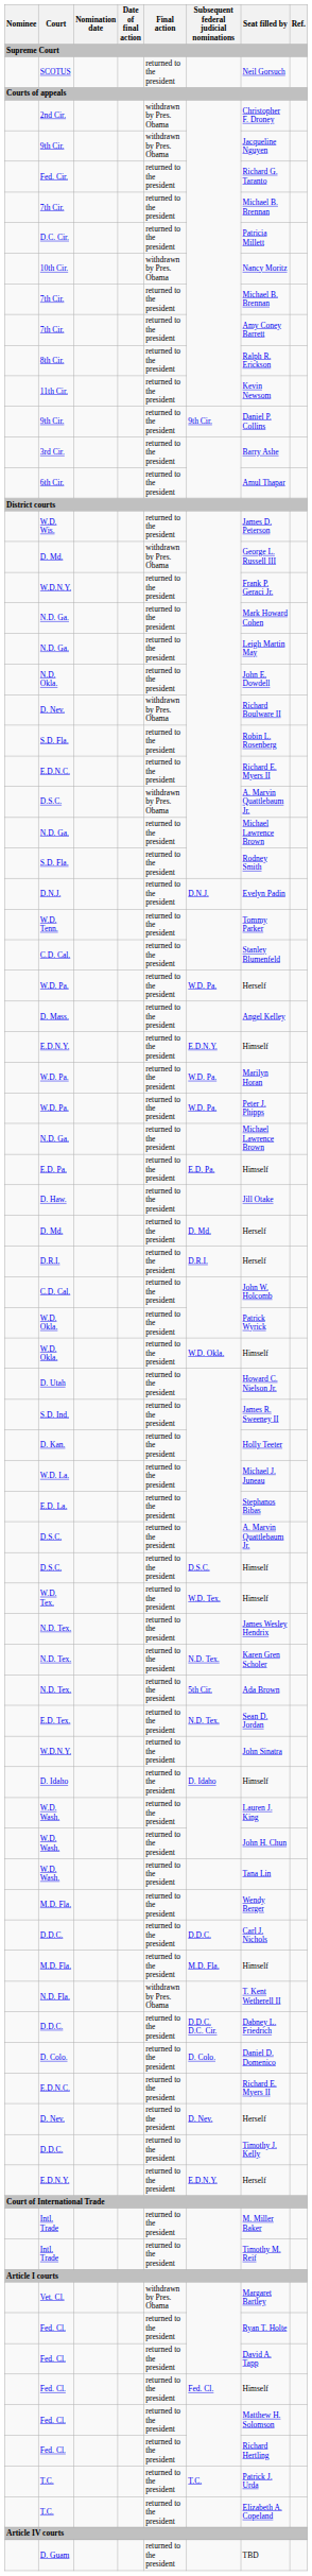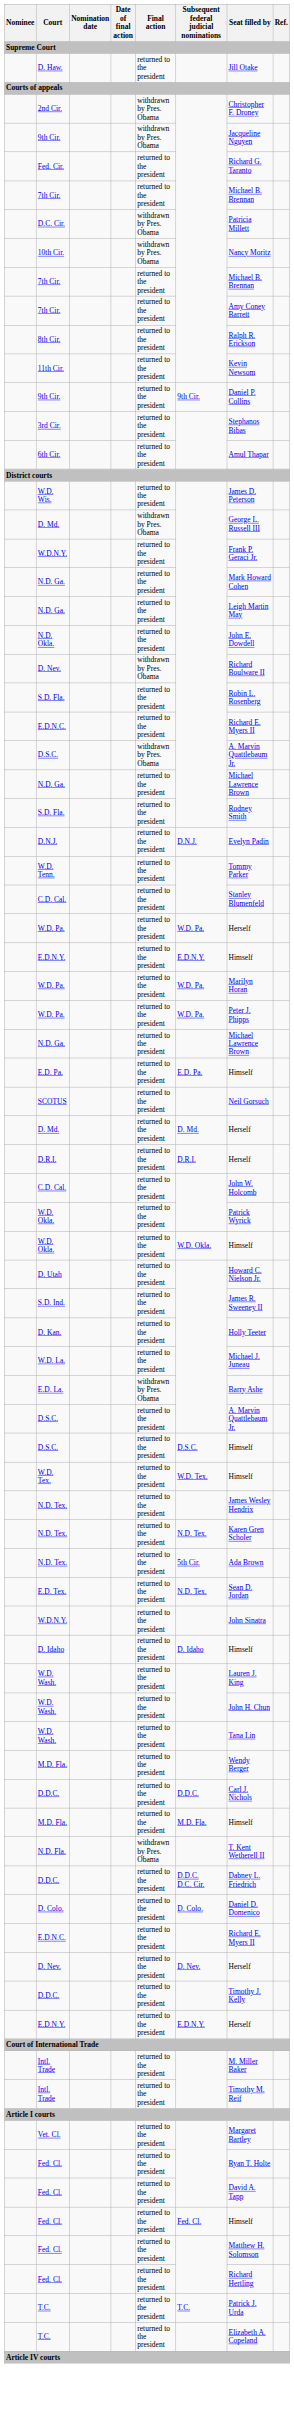 <table class="sortable wikitable">
 <tr>
 <th>Nominee</th>
 <th>Court</th>
 <th>Nomination<br>date</th>
 <th>Date of<br>final action</th>
 <th>Final action</th>
 <th>Subsequent federal judicial nominations</th>
 <th>Seat filled by</th>
 <th>Ref.</th>
 </tr>
 <tr>
 <td colspan=8 bgcolor=#C0C0C0><strong>Supreme Court</strong></td>
 </tr>
 <tr>
 <td></td>
-<td><a href='#'>SCOTUS</a></td>
+<td><a href='#'>D. Haw.</a></td>
 <td></td>
 <td></td>
 <td>returned to the president</td>
 <td></td>
-<td><a href='#'>Neil Gorsuch</a></td>
+<td><a href='#'>Jill Otake</a></td>
 <td></td>
 </tr>
 <tr>
 <td colspan=8 bgcolor=#C0C0C0><strong>Courts of appeals</strong></td>
 </tr>
 <tr>
 <td></td>
 <td><a href='#'>2nd Cir.</a></td>
 <td></td>
 <td></td>
 <td>withdrawn by Pres. Obama</td>
 <td rowspan=10></td>
 <td><a href='#'>Christopher F. Droney</a></td>
 <td></td>
 </tr>
 <tr>
 <td></td>
 <td><a href='#'>9th Cir.</a></td>
 <td></td>
 <td></td>
 <td>withdrawn by Pres. Obama</td>
 <td><a href='#'>Jacqueline Nguyen</a></td>
 <td></td>
 </tr>
 <tr>
 <td></td>
 <td><a href='#'>Fed. Cir.</a></td>
 <td></td>
 <td></td>
 <td>returned to the president</td>
 <td><a href='#'>Richard G. Taranto</a></td>
 <td></td>
 </tr>
 <tr>
 <td></td>
 <td><a href='#'>7th Cir.</a></td>
 <td></td>
 <td></td>
 <td>returned to the president</td>
 <td><a href='#'>Michael B. Brennan</a></td>
 <td></td>
 </tr>
 <tr>
 <td></td>
 <td><a href='#'>D.C. Cir.</a></td>
 <td></td>
 <td></td>
-<td>returned to the president</td>
+<td>withdrawn by Pres. Obama</td>
 <td><a href='#'>Patricia Millett</a></td>
 <td></td>
 </tr>
 <tr>
 <td></td>
 <td><a href='#'>10th Cir.</a></td>
 <td></td>
 <td></td>
 <td>withdrawn by Pres. Obama</td>
 <td><a href='#'>Nancy Moritz</a></td>
 <td></td>
 </tr>
 <tr>
 <td></td>
 <td><a href='#'>7th Cir.</a></td>
 <td></td>
 <td></td>
 <td>returned to the president</td>
 <td><a href='#'>Michael B. Brennan</a></td>
 <td></td>
 </tr>
 <tr>
 <td></td>
 <td><a href='#'>7th Cir.</a></td>
 <td></td>
 <td></td>
 <td>returned to the president</td>
 <td><a href='#'>Amy Coney Barrett</a></td>
 <td></td>
 </tr>
 <tr>
 <td></td>
 <td><a href='#'>8th Cir.</a></td>
 <td></td>
 <td></td>
 <td>returned to the president</td>
 <td><a href='#'>Ralph R. Erickson</a></td>
 <td></td>
 </tr>
 <tr>
 <td></td>
 <td><a href='#'>11th Cir.</a></td>
 <td></td>
 <td></td>
 <td>returned to the president</td>
 <td><a href='#'>Kevin Newsom</a></td>
 <td></td>
 </tr>
 <tr>
 <td></td>
 <td><a href='#'>9th Cir.</a></td>
 <td></td>
 <td></td>
 <td>returned to the president</td>
 <td><a href='#'>9th Cir.</a> </td>
 <td><a href='#'>Daniel P. Collins</a></td>
 <td></td>
 </tr>
 <tr>
 <td></td>
 <td><a href='#'>3rd Cir.</a></td>
 <td></td>
 <td></td>
 <td>returned to the president</td>
 <td rowspan=2></td>
-<td><a href='#'>Barry Ashe</a></td>
+<td><a href='#'>Stephanos Bibas</a></td>
 <td></td>
 </tr>
 <tr>
 <td></td>
 <td><a href='#'>6th Cir.</a></td>
 <td></td>
 <td></td>
 <td>returned to the president</td>
 <td><a href='#'>Amul Thapar</a></td>
 <td></td>
 </tr>
 <tr>
 <td colspan=8 bgcolor=#C0C0C0><strong>District courts</strong></td>
 </tr>
 <tr>
 <td></td>
 <td><a href='#'>W.D. Wis.</a></td>
 <td></td>
 <td></td>
 <td>returned to the president</td>
 <td rowspan=12></td>
 <td><a href='#'>James D. Peterson</a></td>
 <td></td>
 </tr>
 <tr>
 <td></td>
 <td><a href='#'>D. Md.</a></td>
 <td></td>
 <td></td>
 <td>withdrawn by Pres. Obama</td>
 <td><a href='#'>George L. Russell III</a></td>
 <td></td>
 </tr>
 <tr>
 <td></td>
 <td><a href='#'>W.D.N.Y.</a></td>
 <td></td>
 <td></td>
 <td>returned to the president</td>
 <td><a href='#'>Frank P. Geraci Jr.</a></td>
 <td></td>
 </tr>
 <tr>
 <td></td>
 <td><a href='#'>N.D. Ga.</a></td>
 <td></td>
 <td></td>
 <td>returned to the president</td>
 <td><a href='#'>Mark Howard Cohen</a></td>
 <td></td>
 </tr>
 <tr>
 <td></td>
 <td><a href='#'>N.D. Ga.</a></td>
 <td></td>
 <td></td>
 <td>returned to the president</td>
 <td><a href='#'>Leigh Martin May</a></td>
 <td></td>
 </tr>
 <tr>
 <td></td>
 <td><a href='#'>N.D. Okla.</a></td>
 <td></td>
 <td></td>
 <td>returned to the president</td>
 <td><a href='#'>John E. Dowdell</a></td>
 <td></td>
 </tr>
 <tr>
 <td></td>
 <td><a href='#'>D. Nev.</a></td>
 <td></td>
 <td></td>
 <td>withdrawn by Pres. Obama</td>
 <td><a href='#'>Richard Boulware II</a></td>
 <td></td>
 </tr>
 <tr>
 <td></td>
 <td><a href='#'>S.D. Fla.</a></td>
 <td></td>
 <td></td>
 <td>returned to the president</td>
 <td><a href='#'>Robin L. Rosenberg</a></td>
 <td></td>
 </tr>
 <tr>
 <td></td>
 <td><a href='#'>E.D.N.C.</a></td>
 <td></td>
 <td></td>
 <td>returned to the president</td>
 <td><a href='#'>Richard E. Myers II</a></td>
 <td></td>
 </tr>
 <tr>
 <td></td>
 <td><a href='#'>D.S.C.</a></td>
 <td></td>
 <td></td>
 <td>withdrawn by Pres. Obama</td>
 <td><a href='#'>A. Marvin Quattlebaum Jr.</a></td>
 <td></td>
 </tr>
 <tr>
 <td></td>
 <td><a href='#'>N.D. Ga.</a></td>
 <td></td>
 <td></td>
 <td>returned to the president</td>
 <td><a href='#'>Michael Lawrence Brown</a></td>
 <td></td>
 </tr>
 <tr>
 <td></td>
 <td><a href='#'>S.D. Fla.</a></td>
 <td></td>
 <td></td>
 <td>returned to the president</td>
 <td><a href='#'>Rodney Smith</a></td>
 <td></td>
 </tr>
 <tr>
 <td></td>
 <td><a href='#'>D.N.J.</a></td>
 <td></td>
 <td></td>
 <td>returned to the president</td>
 <td><a href='#'>D.N.J.</a> </td>
 <td><a href='#'>Evelyn Padin</a></td>
 <td></td>
 </tr>
 <tr>
 <td></td>
 <td><a href='#'>W.D. Tenn.</a></td>
 <td></td>
 <td></td>
 <td>returned to the president</td>
 <td rowspan=2></td>
 <td><a href='#'>Tommy Parker</a></td>
 <td></td>
 </tr>
 <tr>
 <td></td>
 <td><a href='#'>C.D. Cal.</a></td>
 <td></td>
 <td></td>
 <td>returned to the president</td>
 <td><a href='#'>Stanley Blumenfeld</a></td>
 <td></td>
 </tr>
 <tr>
 <td></td>
 <td><a href='#'>W.D. Pa.</a></td>
 <td></td>
 <td></td>
 <td>returned to the president</td>
 <td><a href='#'>W.D. Pa.</a> </td>
 <td>Herself</td>
 <td></td>
 </tr>
 <tr>
 <td></td>
-<td><a href='#'>D. Mass.</a></td>
-<td></td>
-<td></td>
-<td>returned to the president</td>
-<td></td>
-<td><a href='#'>Angel Kelley</a></td>
-<td></td>
-</tr>
-<tr>
-<td></td>
 <td><a href='#'>E.D.N.Y.</a></td>
 <td></td>
 <td></td>
 <td>returned to the president</td>
 <td><a href='#'>E.D.N.Y.</a> </td>
 <td>Himself</td>
 <td></td>
 </tr>
 <tr>
 <td></td>
 <td><a href='#'>W.D. Pa.</a></td>
 <td></td>
 <td></td>
 <td>returned to the president</td>
 <td><a href='#'>W.D. Pa.</a> </td>
 <td><a href='#'>Marilyn Horan</a></td>
 <td></td>
 </tr>
 <tr>
 <td></td>
 <td><a href='#'>W.D. Pa.</a></td>
 <td></td>
 <td></td>
 <td>returned to the president</td>
 <td><a href='#'>W.D. Pa.</a> </td>
 <td><a href='#'>Peter J. Phipps</a></td>
 <td></td>
 </tr>
 <tr>
 <td></td>
 <td><a href='#'>N.D. Ga.</a></td>
 <td></td>
 <td></td>
 <td>returned to the president</td>
 <td></td>
 <td><a href='#'>Michael Lawrence Brown</a></td>
 <td></td>
 </tr>
 <tr>
 <td></td>
 <td><a href='#'>E.D. Pa.</a></td>
 <td></td>
 <td></td>
 <td>returned to the president</td>
 <td><a href='#'>E.D. Pa.</a> </td>
 <td>Himself</td>
 <td></td>
 </tr>
 <tr>
 <td></td>
-<td><a href='#'>D. Haw.</a></td>
+<td><a href='#'>SCOTUS</a></td>
 <td></td>
 <td></td>
 <td>returned to the president</td>
 <td></td>
-<td><a href='#'>Jill Otake</a></td>
+<td><a href='#'>Neil Gorsuch</a></td>
 <td></td>
 </tr>
 <tr>
 <td></td>
 <td><a href='#'>D. Md.</a></td>
 <td></td>
 <td></td>
 <td>returned to the president</td>
 <td><a href='#'>D. Md.</a> </td>
 <td>Herself</td>
 <td></td>
 </tr>
 <tr>
 <td></td>
 <td><a href='#'>D.R.I.</a></td>
 <td></td>
 <td></td>
 <td>returned to the president</td>
 <td><a href='#'>D.R.I.</a> </td>
 <td>Herself</td>
 <td></td>
 </tr>
 <tr>
 <td></td>
 <td><a href='#'>C.D. Cal.</a></td>
 <td></td>
 <td></td>
 <td>returned to the president</td>
 <td rowspan=2></td>
 <td><a href='#'>John W. Holcomb</a></td>
 <td></td>
 </tr>
 <tr>
 <td></td>
 <td><a href='#'>W.D. Okla.</a></td>
 <td></td>
 <td></td>
 <td>returned to the president</td>
 <td><a href='#'>Patrick Wyrick</a></td>
 <td></td>
 </tr>
 <tr>
 <td></td>
 <td><a href='#'>W.D. Okla.</a></td>
 <td></td>
 <td></td>
 <td>returned to the president</td>
 <td><a href='#'>W.D. Okla.</a> </td>
 <td>Himself</td>
 <td></td>
 </tr>
 <tr>
 <td></td>
 <td><a href='#'>D. Utah</a></td>
 <td></td>
 <td></td>
 <td>returned to the president</td>
 <td rowspan=6></td>
 <td><a href='#'>Howard C. Nielson Jr.</a></td>
 <td></td>
 </tr>
 <tr>
 <td></td>
 <td><a href='#'>S.D. Ind.</a></td>
 <td></td>
 <td></td>
 <td>returned to the president</td>
 <td><a href='#'>James R. Sweeney II</a></td>
 <td></td>
 </tr>
 <tr>
 <td></td>
 <td><a href='#'>D. Kan.</a></td>
 <td></td>
 <td></td>
 <td>returned to the president</td>
 <td><a href='#'>Holly Teeter</a></td>
 <td></td>
 </tr>
 <tr>
 <td></td>
 <td><a href='#'>W.D. La.</a></td>
 <td></td>
 <td></td>
 <td>returned to the president</td>
 <td><a href='#'>Michael J. Juneau</a></td>
 <td></td>
 </tr>
 <tr>
 <td></td>
 <td><a href='#'>E.D. La.</a></td>
 <td></td>
 <td></td>
-<td>returned to the president</td>
-<td><a href='#'>Stephanos Bibas</a></td>
+<td>withdrawn by Pres. Obama</td>
+<td><a href='#'>Barry Ashe</a></td>
 <td></td>
 </tr>
 <tr>
 <td></td>
 <td><a href='#'>D.S.C.</a></td>
 <td></td>
 <td></td>
 <td>returned to the president</td>
 <td><a href='#'>A. Marvin Quattlebaum Jr.</a></td>
 <td></td>
 </tr>
 <tr>
 <td></td>
 <td><a href='#'>D.S.C.</a></td>
 <td></td>
 <td></td>
 <td>returned to the president</td>
 <td><a href='#'>D.S.C.</a> </td>
 <td>Himself</td>
 <td></td>
 </tr>
 <tr>
 <td></td>
 <td><a href='#'>W.D. Tex.</a></td>
 <td></td>
 <td></td>
 <td>returned to the president</td>
 <td><a href='#'>W.D. Tex.</a> </td>
 <td>Himself</td>
 <td></td>
 </tr>
 <tr>
 <td></td>
 <td><a href='#'>N.D. Tex.</a></td>
 <td></td>
 <td></td>
 <td>returned to the president</td>
 <td></td>
 <td><a href='#'>James Wesley Hendrix</a></td>
 <td></td>
 </tr>
 <tr>
 <td></td>
 <td><a href='#'>N.D. Tex.</a></td>
 <td></td>
 <td></td>
 <td>returned to the president</td>
 <td><a href='#'>N.D. Tex.</a> </td>
 <td><a href='#'>Karen Gren Scholer</a></td>
 <td></td>
 </tr>
 <tr>
 <td></td>
 <td><a href='#'>N.D. Tex.</a></td>
 <td></td>
 <td></td>
 <td>returned to the president</td>
 <td><a href='#'>5th Cir.</a> </td>
 <td><a href='#'>Ada Brown</a></td>
 <td></td>
 </tr>
 <tr>
 <td></td>
 <td><a href='#'>E.D. Tex.</a></td>
 <td></td>
 <td></td>
 <td>returned to the president</td>
 <td><a href='#'>N.D. Tex.</a> </td>
 <td><a href='#'>Sean D. Jordan</a></td>
 <td></td>
 </tr>
 <tr>
 <td></td>
 <td><a href='#'>W.D.N.Y.</a></td>
 <td></td>
 <td></td>
 <td>returned to the president</td>
 <td></td>
 <td><a href='#'>John Sinatra</a></td>
 <td></td>
 </tr>
 <tr>
 <td></td>
 <td><a href='#'>D. Idaho</a></td>
 <td></td>
 <td></td>
 <td>returned to the president</td>
 <td><a href='#'>D. Idaho</a> </td>
 <td>Himself</td>
 <td></td>
 </tr>
 <tr>
 <td></td>
 <td><a href='#'>W.D. Wash.</a></td>
 <td></td>
 <td></td>
 <td>returned to the president</td>
 <td rowspan=2></td>
 <td><a href='#'>Lauren J. King</a></td>
 <td></td>
 </tr>
 <tr>
 <td></td>
 <td><a href='#'>W.D. Wash.</a></td>
 <td></td>
 <td></td>
 <td>returned to the president</td>
 <td><a href='#'>John H. Chun</a></td>
 <td></td>
 </tr>
 <tr>
 <td></td>
 <td><a href='#'>W.D. Wash.</a></td>
 <td></td>
 <td></td>
 <td>returned to the president</td>
 <td></td>
 <td><a href='#'>Tana Lin</a></td>
 <td></td>
 </tr>
 <tr>
 <td></td>
 <td><a href='#'>M.D. Fla.</a></td>
 <td></td>
 <td></td>
 <td>returned to the president</td>
 <td></td>
 <td><a href='#'>Wendy Berger</a></td>
 <td></td>
 </tr>
 <tr>
 <td></td>
 <td><a href='#'>D.D.C.</a></td>
 <td></td>
 <td></td>
 <td>returned to the president</td>
 <td><a href='#'>D.D.C.</a> </td>
 <td><a href='#'>Carl J. Nichols</a></td>
 <td></td>
 </tr>
 <tr>
 <td></td>
 <td><a href='#'>M.D. Fla.</a></td>
 <td></td>
 <td></td>
 <td>returned to the president</td>
 <td><a href='#'>M.D. Fla.</a> </td>
 <td>Himself</td>
 <td></td>
 </tr>
 <tr>
 <td></td>
 <td><a href='#'>N.D. Fla.</a></td>
 <td></td>
 <td></td>
 <td>withdrawn by Pres. Obama</td>
 <td></td>
 <td><a href='#'>T. Kent Wetherell II</a></td>
 <td></td>
 </tr>
 <tr>
 <td></td>
 <td><a href='#'>D.D.C.</a></td>
 <td></td>
 <td></td>
 <td>returned to the president</td>
 <td><a href='#'>D.D.C.</a> <br><a href='#'>D.C. Cir.</a> </td>
 <td><a href='#'>Dabney L. Friedrich</a></td>
 <td></td>
 </tr>
 <tr>
 <td></td>
 <td><a href='#'>D. Colo.</a></td>
 <td></td>
 <td></td>
 <td>returned to the president</td>
 <td><a href='#'>D. Colo.</a> </td>
 <td><a href='#'>Daniel D. Domenico</a></td>
 <td></td>
 </tr>
 <tr>
 <td></td>
 <td><a href='#'>E.D.N.C.</a></td>
 <td></td>
 <td></td>
 <td>returned to the president</td>
 <td></td>
 <td><a href='#'>Richard E. Myers II</a></td>
 <td></td>
 </tr>
 <tr>
 <td></td>
 <td><a href='#'>D. Nev.</a></td>
 <td></td>
 <td></td>
 <td>returned to the president</td>
 <td><a href='#'>D. Nev.</a> </td>
 <td>Herself</td>
 <td></td>
 </tr>
 <tr>
 <td></td>
 <td><a href='#'>D.D.C.</a></td>
 <td></td>
 <td></td>
 <td>returned to the president</td>
 <td></td>
 <td><a href='#'>Timothy J. Kelly</a></td>
 <td></td>
 </tr>
 <tr>
 <td></td>
 <td><a href='#'>E.D.N.Y.</a></td>
 <td></td>
 <td></td>
 <td>returned to the president</td>
 <td><a href='#'>E.D.N.Y.</a> </td>
 <td>Herself</td>
 <td></td>
 </tr>
 <tr>
 <td colspan=8 bgcolor=#C0C0C0><strong>Court of International Trade</strong></td>
 </tr>
 <tr>
 <td></td>
 <td><a href='#'>Intl. Trade</a></td>
 <td></td>
 <td></td>
 <td>returned to the president</td>
 <td rowspan=2></td>
 <td><a href='#'>M. Miller Baker</a></td>
 <td></td>
 </tr>
 <tr>
 <td></td>
 <td><a href='#'>Intl. Trade</a></td>
 <td></td>
 <td></td>
 <td>returned to the president</td>
 <td><a href='#'>Timothy M. Reif</a></td>
 <td></td>
 </tr>
 <tr>
 <td colspan=8 bgcolor=#C0C0C0><strong>Article I courts</strong></td>
 </tr>
 <tr>
 <td></td>
 <td><a href='#'>Vet. Cl.</a></td>
 <td></td>
 <td></td>
-<td>withdrawn by Pres. Obama</td>
+<td>returned to the president</td>
 <td rowspan=3></td>
 <td><a href='#'>Margaret Bartley</a></td>
 <td></td>
 </tr>
 <tr>
 <td></td>
 <td><a href='#'>Fed. Cl.</a></td>
 <td></td>
 <td></td>
 <td>returned to the president</td>
 <td><a href='#'>Ryan T. Holte</a></td>
 <td></td>
 </tr>
 <tr>
 <td></td>
 <td><a href='#'>Fed. Cl.</a></td>
 <td></td>
 <td></td>
 <td>returned to the president</td>
 <td><a href='#'>David A. Tapp</a></td>
 <td></td>
 </tr>
 <tr>
 <td></td>
 <td><a href='#'>Fed. Cl.</a></td>
 <td></td>
 <td></td>
 <td>returned to the president</td>
 <td><a href='#'>Fed. Cl.</a> </td>
 <td>Himself</td>
 <td></td>
 </tr>
 <tr>
 <td></td>
 <td><a href='#'>Fed. Cl.</a></td>
 <td></td>
 <td></td>
 <td>returned to the president</td>
 <td rowspan=2></td>
 <td><a href='#'>Matthew H. Solomson</a></td>
 <td></td>
 </tr>
 <tr>
 <td></td>
 <td><a href='#'>Fed. Cl.</a></td>
 <td></td>
 <td></td>
 <td>returned to the president</td>
 <td><a href='#'>Richard Hertling</a></td>
 <td></td>
 </tr>
 <tr>
 <td></td>
 <td><a href='#'>T.C.</a></td>
 <td></td>
 <td></td>
 <td>returned to the president</td>
 <td><a href='#'>T.C.</a> </td>
 <td><a href='#'>Patrick J. Urda</a></td>
 <td></td>
 </tr>
 <tr>
 <td></td>
 <td><a href='#'>T.C.</a></td>
 <td></td>
 <td></td>
 <td>returned to the president</td>
 <td></td>
 <td><a href='#'>Elizabeth A. Copeland</a></td>
 <td></td>
 </tr>
 <tr>
 <td colspan=8 bgcolor=#C0C0C0><strong>Article IV courts</strong></td>
 </tr>
-<tr>
-<td></td>
-<td><a href='#'>D. Guam</a></td>
-<td></td>
-<td></td>
-<td>returned to the president</td>
-<td></td>
-<td>TBD</td>
-<td></td>
-</tr>
 </table>
